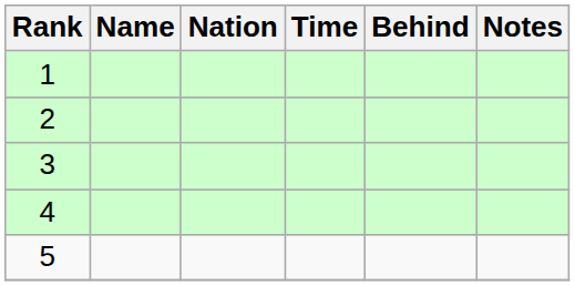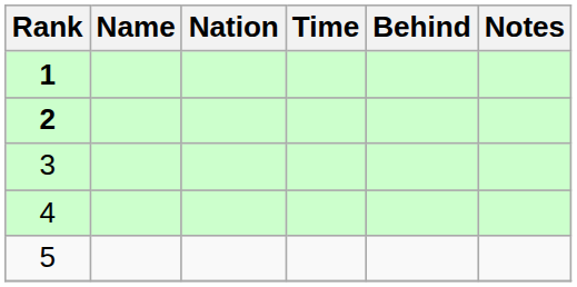 <table class="wikitable sortable" style="text-align:center">
 <tr>
 <th>Rank</th>
 <th>Name</th>
 <th>Nation</th>
 <th>Time</th>
 <th>Behind</th>
 <th>Notes</th>
 </tr>
 <tr bgcolor=ccffcc>
-<td>1</td>
+<td><strong>1</strong></td>
 <td align=left></td>
 <td align=left></td>
 <td></td>
 <td></td>
 <td></td>
 </tr>
 <tr bgcolor=ccffcc>
-<td>2</td>
+<td><strong>2</strong></td>
 <td align=left></td>
 <td align=left></td>
 <td></td>
 <td></td>
 <td></td>
 </tr>
 <tr bgcolor=ccffcc>
 <td>3</td>
 <td align=left></td>
 <td align=left></td>
 <td></td>
 <td></td>
 <td></td>
 </tr>
 <tr bgcolor=ccffcc>
 <td>4</td>
 <td align=left></td>
 <td align=left></td>
 <td></td>
 <td></td>
 <td></td>
 </tr>
 <tr>
 <td>5</td>
 <td align=left></td>
 <td align=left></td>
 <td></td>
 <td></td>
 <td></td>
 </tr>
 <tr>
 </tr>
 </table>
